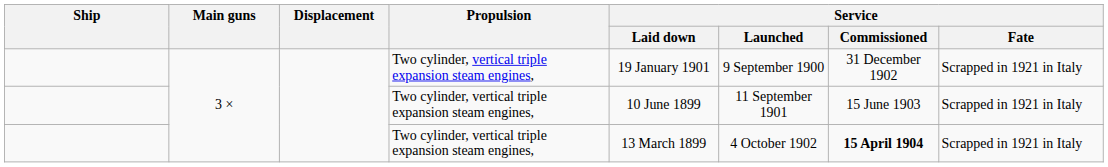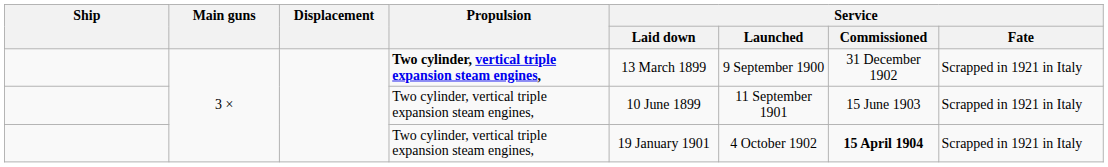 <table class="wikitable" style="width: 100%;">
 <tr valign="top">
 <th width="15%" align="center" rowspan="2">Ship</th>
 <th width="10%" align="center" rowspan="2">Main guns</th>
 <th width="10%" align="center" rowspan="2">Displacement</th>
 <th width="20%" align="center" rowspan="2">Propulsion</th>
 <th width="40%" align="center" colspan="4">Service</th>
 </tr>
 <tr valign="top">
 <th width="10%" align="center">Laid down</th>
 <th width="10%" align="center">Launched</th>
 <th width="10%" align="center">Commissioned</th>
 <th width="20%" align="center">Fate</th>
 </tr>
 <tr valign="center">
 <td align="left"></td>
 <td align="center" rowspan="3">3 × </td>
 <td align="center" rowspan="3"></td>
-<td align="left">Two cylinder, <a href='#'>vertical triple expansion steam engines</a>, </td>
-<td align="center">19 January 1901</td>
+<td align="left"><strong>Two cylinder, <a href='#'>vertical triple expansion steam engines</a>, </strong></td>
+<td align="center">13 March 1899</td>
 <td align="center">9 September 1900</td>
 <td align="center">31 December 1902</td>
 <td align="left">Scrapped in 1921 in Italy</td>
 </tr>
 <tr valign="center">
 <td align="left"></td>
 <td align="left">Two cylinder, vertical triple expansion steam engines, </td>
 <td align="center">10 June 1899</td>
 <td align="center">11 September 1901</td>
 <td align="center">15 June 1903</td>
 <td align="left">Scrapped in 1921 in Italy</td>
 </tr>
 <tr valign="center">
 <td align="left"></td>
 <td align="left">Two cylinder, vertical triple expansion steam engines, </td>
-<td align="center">13 March 1899</td>
+<td align="center">19 January 1901</td>
 <td align="center">4 October 1902</td>
 <td align="center"><strong>15 April 1904</strong></td>
 <td align="left">Scrapped in 1921 in Italy</td>
 </tr>
 </table>
